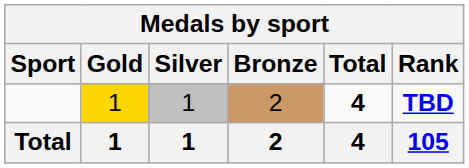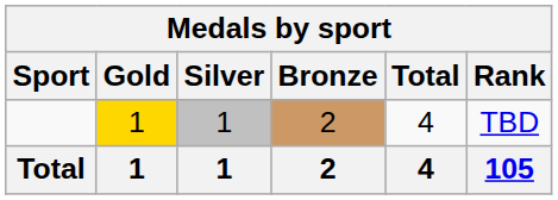 <table class="wikitable" style="font-size:100%;">
 <tr style="background:#efefef;">
 <th colspan=7><strong>Medals by sport</strong></th>
 </tr>
 <tr align=center>
 <th><strong>Sport</strong></th>
 <th> Gold</th>
 <th> Silver</th>
 <th> Bronze</th>
 <th><strong>Total</strong></th>
 <th><strong>Rank</strong></th>
 </tr>
 <tr align=center>
 <td></td>
 <td style="background: gold;">1</td>
 <td style="background: silver;">1</td>
 <td style="background:#c96;">2</td>
-<td><strong>4</strong></td>
-<td><strong><a href='#'>TBD</a></strong></td>
+<td>4</td>
+<td><a href='#'>TBD</a></td>
 </tr>
 <tr align="center">
 <th>Total</th>
 <th>1</th>
 <th>1</th>
 <th>2</th>
 <th>4</th>
 <th><a href='#'>105</a></th>
 </tr>
 </table>
